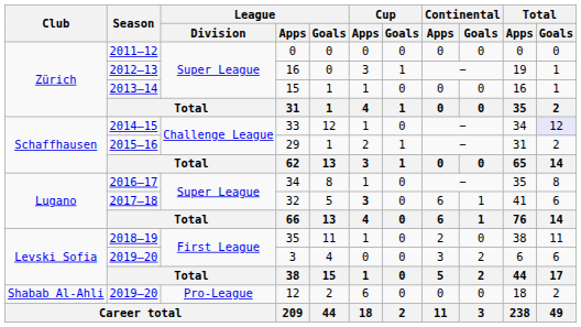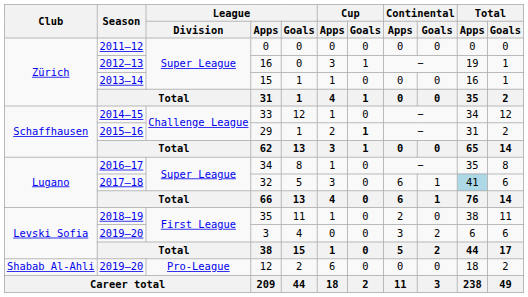 <table class="wikitable" style="text-align:center">
 <tr>
 <th rowspan="2">Club</th>
 <th rowspan="2">Season</th>
 <th colspan="3">League</th>
 <th colspan="2">Cup</th>
 <th colspan="2">Continental</th>
 <th colspan="2">Total</th>
 </tr>
 <tr>
 <th>Division</th>
 <th>Apps</th>
 <th>Goals</th>
 <th>Apps</th>
 <th>Goals</th>
 <th>Apps</th>
 <th>Goals</th>
 <th>Apps</th>
 <th>Goals</th>
 </tr>
 <tr>
 <td rowspan="4"><a href='#'>Zürich</a></td>
 <td><a href='#'>2011–12</a></td>
 <td rowspan="3"><a href='#'>Super League</a></td>
 <td>0</td>
 <td>0</td>
 <td>0</td>
 <td>0</td>
 <td>0</td>
 <td>0</td>
 <td>0</td>
 <td>0</td>
 </tr>
 <tr>
 <td><a href='#'>2012–13</a></td>
 <td>16</td>
 <td>0</td>
 <td>3</td>
 <td>1</td>
 <td colspan="2">−</td>
 <td>19</td>
 <td>1</td>
 </tr>
 <tr>
 <td><a href='#'>2013–14</a></td>
 <td>15</td>
 <td>1</td>
 <td>1</td>
 <td>0</td>
 <td>0</td>
 <td>0</td>
 <td>16</td>
 <td>1</td>
 </tr>
 <tr>
 <th colspan="2">Total</th>
 <th>31</th>
 <th>1</th>
 <th>4</th>
 <th>1</th>
 <th>0</th>
 <th>0</th>
 <th>35</th>
 <th>2</th>
 </tr>
 <tr>
 <td rowspan="3"><a href='#'>Schaffhausen</a></td>
 <td><a href='#'>2014–15</a></td>
 <td rowspan="2"><a href='#'>Challenge League</a></td>
 <td>33</td>
 <td>12</td>
 <td>1</td>
 <td>0</td>
 <td colspan="2">−</td>
 <td>34</td>
-<td style="background: lavender;">12</td>
+<td>12</td>
 </tr>
 <tr>
 <td><a href='#'>2015–16</a></td>
 <td>29</td>
 <td>1</td>
 <td>2</td>
-<td>1</td>
+<td><strong>1</strong></td>
 <td colspan="2">−</td>
 <td>31</td>
 <td>2</td>
 </tr>
 <tr>
 <th colspan="2">Total</th>
 <th>62</th>
 <th>13</th>
 <th>3</th>
 <th>1</th>
 <th>0</th>
 <th>0</th>
 <th>65</th>
 <th>14</th>
 </tr>
 <tr>
 <td rowspan="3"><a href='#'>Lugano</a></td>
 <td><a href='#'>2016–17</a></td>
 <td rowspan="2"><a href='#'>Super League</a></td>
 <td>34</td>
 <td>8</td>
 <td>1</td>
 <td>0</td>
 <td colspan="2">−</td>
 <td>35</td>
 <td>8</td>
 </tr>
 <tr>
 <td><a href='#'>2017–18</a></td>
 <td>32</td>
 <td>5</td>
-<td><strong>3</strong></td>
+<td>3</td>
 <td>0</td>
 <td>6</td>
 <td>1</td>
-<td>41</td>
+<td style="background: lightblue;">41</td>
 <td>6</td>
 </tr>
 <tr>
 <th colspan="2">Total</th>
 <th>66</th>
 <th>13</th>
 <th>4</th>
 <th>0</th>
 <th>6</th>
 <th>1</th>
 <th>76</th>
 <th>14</th>
 </tr>
 <tr>
 <td rowspan="3"><a href='#'>Levski Sofia</a></td>
 <td><a href='#'>2018–19</a></td>
 <td rowspan="2"><a href='#'>First League</a></td>
 <td>35</td>
 <td>11</td>
 <td>1</td>
 <td>0</td>
 <td>2</td>
 <td>0</td>
 <td>38</td>
 <td>11</td>
 </tr>
 <tr>
 <td><a href='#'>2019–20</a></td>
 <td>3</td>
 <td>4</td>
 <td>0</td>
 <td>0</td>
 <td>3</td>
 <td>2</td>
 <td>6</td>
 <td>6</td>
 </tr>
 <tr>
 <th colspan="2">Total</th>
 <th>38</th>
 <th>15</th>
 <th>1</th>
 <th>0</th>
 <th>5</th>
 <th>2</th>
 <th>44</th>
 <th>17</th>
 </tr>
 <tr>
 <td rowspan="1"><a href='#'>Shabab Al-Ahli</a></td>
 <td><a href='#'>2019–20</a></td>
 <td rowspan="1"><a href='#'>Pro-League</a></td>
 <td>12</td>
 <td>2</td>
 <td>6</td>
 <td>0</td>
 <td>0</td>
 <td>0</td>
 <td>18</td>
 <td>2</td>
 </tr>
 <tr>
 <th colspan=3>Career total</th>
 <th>209</th>
 <th>44</th>
 <th>18</th>
 <th>2</th>
 <th>11</th>
 <th>3</th>
 <th>238</th>
 <th>49</th>
 </tr>
 </table>
